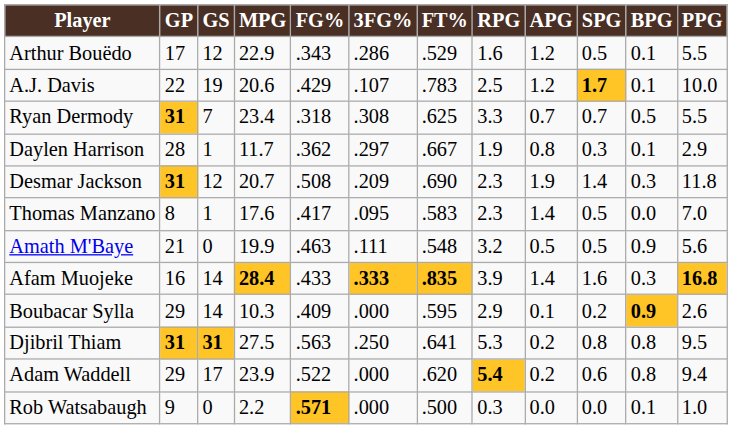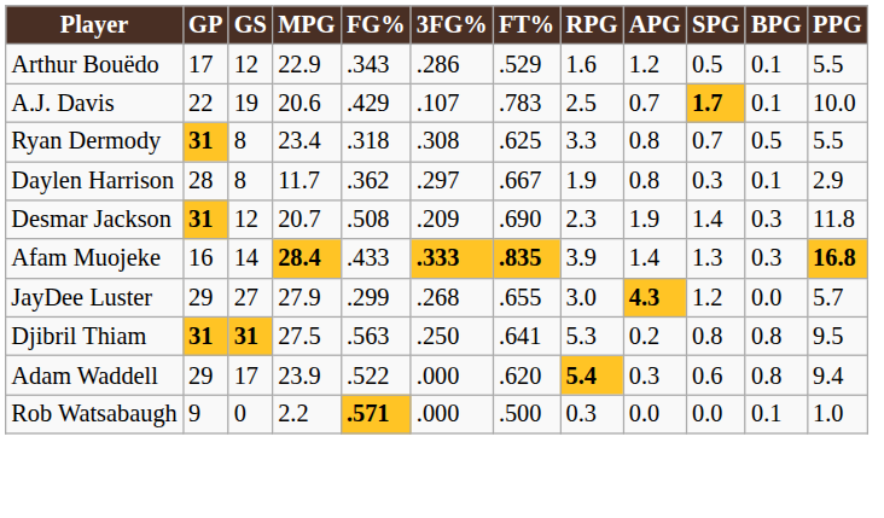 <table class="wikitable sortable">
 <tr>
 <th style="background:#492f24; color:white">Player</th>
 <th style="background:#492f24; color:white">GP</th>
 <th style="background:#492f24; color:white">GS</th>
 <th style="background:#492f24; color:white">MPG</th>
 <th style="background:#492f24; color:white">FG%</th>
 <th style="background:#492f24; color:white">3FG%</th>
 <th style="background:#492f24; color:white">FT%</th>
 <th style="background:#492f24; color:white;">RPG</th>
 <th style="background:#492f24; color:white;">APG</th>
 <th style="background:#492f24; color:white;">SPG</th>
 <th style="background:#492f24; color:white;">BPG</th>
 <th style="background:#492f24; color:white;">PPG</th>
 </tr>
 <tr>
 <td>Arthur Bouëdo</td>
 <td>17</td>
 <td>12</td>
 <td>22.9</td>
 <td>.343</td>
 <td>.286</td>
 <td>.529</td>
 <td>1.6</td>
 <td>1.2</td>
 <td>0.5</td>
 <td>0.1</td>
 <td>5.5</td>
 </tr>
 <tr>
 <td>A.J. Davis</td>
 <td>22</td>
 <td>19</td>
 <td>20.6</td>
 <td>.429</td>
 <td>.107</td>
 <td>.783</td>
 <td>2.5</td>
-<td>1.2</td>
+<td>0.7</td>
 <td style="background:#ffc425;"><strong>1.7</strong></td>
 <td>0.1</td>
 <td>10.0</td>
 </tr>
 <tr>
 <td>Ryan Dermody</td>
 <td style="background:#ffc425;"><strong>31</strong></td>
-<td>7</td>
+<td>8</td>
 <td>23.4</td>
 <td>.318</td>
 <td>.308</td>
 <td>.625</td>
 <td>3.3</td>
-<td>0.7</td>
+<td>0.8</td>
 <td>0.7</td>
 <td>0.5</td>
 <td>5.5</td>
 </tr>
 <tr>
 <td>Daylen Harrison</td>
 <td>28</td>
-<td>1</td>
+<td>8</td>
 <td>11.7</td>
 <td>.362</td>
 <td>.297</td>
 <td>.667</td>
 <td>1.9</td>
 <td>0.8</td>
 <td>0.3</td>
 <td>0.1</td>
 <td>2.9</td>
 </tr>
 <tr>
 <td>Desmar Jackson</td>
 <td style="background:#ffc425;"><strong>31</strong></td>
 <td>12</td>
 <td>20.7</td>
 <td>.508</td>
 <td>.209</td>
 <td>.690</td>
 <td>2.3</td>
 <td>1.9</td>
 <td>1.4</td>
 <td>0.3</td>
 <td>11.8</td>
 </tr>
 <tr>
-<td>Thomas Manzano</td>
-<td>8</td>
-<td>1</td>
-<td>17.6</td>
-<td>.417</td>
-<td>.095</td>
-<td>.583</td>
-<td>2.3</td>
-<td>1.4</td>
-<td>0.5</td>
-<td>0.0</td>
-<td>7.0</td>
-</tr>
-<tr>
-<td><a href='#'>Amath M'Baye</a></td>
-<td>21</td>
-<td>0</td>
-<td>19.9</td>
-<td>.463</td>
-<td>.111</td>
-<td>.548</td>
-<td>3.2</td>
-<td>0.5</td>
-<td>0.5</td>
-<td>0.9</td>
-<td>5.6</td>
-</tr>
-<tr>
 <td>Afam Muojeke</td>
 <td>16</td>
 <td>14</td>
 <td style="background:#ffc425;"><strong>28.4</strong></td>
 <td>.433</td>
 <td style="background:#ffc425;"><strong>.333</strong></td>
 <td style="background:#ffc425;"><strong>.835</strong></td>
 <td>3.9</td>
 <td>1.4</td>
-<td>1.6</td>
+<td>1.3</td>
 <td>0.3</td>
 <td style="background:#ffc425;"><strong>16.8</strong></td>
 </tr>
 <tr>
-<td>Boubacar Sylla</td>
+<td>JayDee Luster</td>
 <td>29</td>
-<td>14</td>
-<td>10.3</td>
-<td>.409</td>
-<td>.000</td>
-<td>.595</td>
-<td>2.9</td>
-<td>0.1</td>
-<td>0.2</td>
-<td style="background:#ffc425;"><strong>0.9</strong></td>
-<td>2.6</td>
+<td>27</td>
+<td>27.9</td>
+<td>.299</td>
+<td>.268</td>
+<td>.655</td>
+<td>3.0</td>
+<td style="background:#ffc425;"><strong>4.3</strong></td>
+<td>1.2</td>
+<td>0.0</td>
+<td>5.7</td>
 </tr>
 <tr>
 <td>Djibril Thiam</td>
 <td style="background:#ffc425;"><strong>31</strong></td>
 <td style="background:#ffc425;"><strong>31</strong></td>
 <td>27.5</td>
 <td>.563</td>
 <td>.250</td>
 <td>.641</td>
 <td>5.3</td>
 <td>0.2</td>
 <td>0.8</td>
 <td>0.8</td>
 <td>9.5</td>
 </tr>
 <tr>
 <td>Adam Waddell</td>
 <td>29</td>
 <td>17</td>
 <td>23.9</td>
 <td>.522</td>
 <td>.000</td>
 <td>.620</td>
 <td style="background:#ffc425;"><strong>5.4</strong></td>
-<td>0.2</td>
+<td>0.3</td>
 <td>0.6</td>
 <td>0.8</td>
 <td>9.4</td>
 </tr>
 <tr>
 <td>Rob Watsabaugh</td>
 <td>9</td>
 <td>0</td>
 <td>2.2</td>
 <td style="background:#ffc425;"><strong>.571</strong></td>
 <td>.000</td>
 <td>.500</td>
 <td>0.3</td>
 <td>0.0</td>
 <td>0.0</td>
 <td>0.1</td>
 <td>1.0</td>
 </tr>
 </table>
